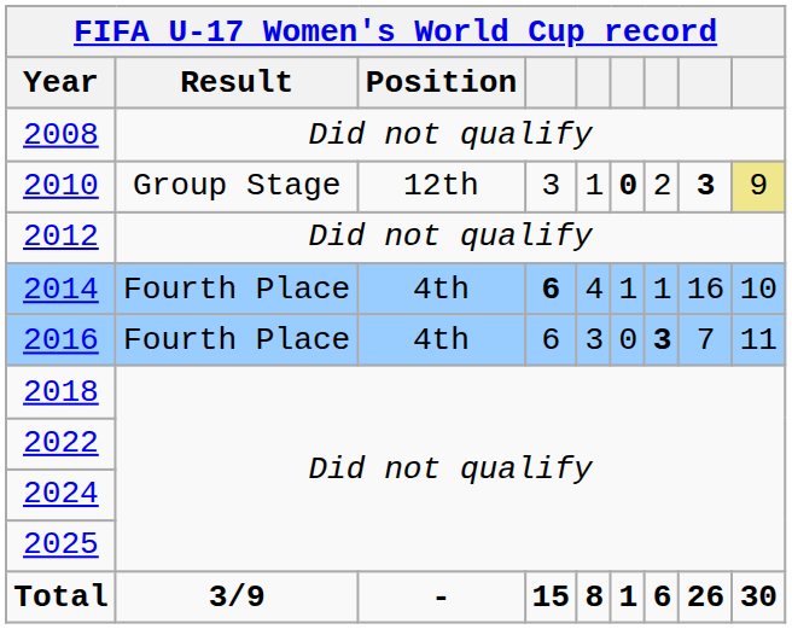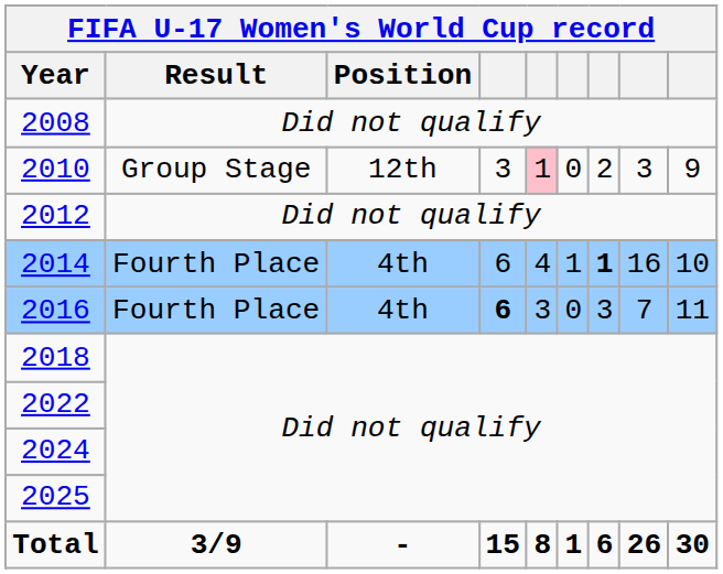 <table class="wikitable" style="text-align: center;">
 <tr>
 <th colspan=9><a href='#'>FIFA U-17 Women's World Cup record</a></th>
 </tr>
 <tr>
 <th>Year</th>
 <th>Result</th>
 <th>Position</th>
 <th></th>
 <th></th>
 <th></th>
 <th></th>
 <th></th>
 <th></th>
 </tr>
 <tr>
 <td> <a href='#'>2008</a></td>
 <td colspan=8><em>Did not qualify</em></td>
 </tr>
 <tr>
 <td> <a href='#'>2010</a></td>
 <td>Group Stage</td>
 <td>12th</td>
 <td>3</td>
-<td>1</td>
-<td><strong>0</strong></td>
+<td style="background: pink;">1</td>
+<td>0</td>
 <td>2</td>
-<td><strong>3</strong></td>
-<td style="background: khaki;">9</td>
+<td>3</td>
+<td>9</td>
 </tr>
 <tr>
 <td> <a href='#'>2012</a></td>
 <td colspan=8><em>Did not qualify</em></td>
 </tr>
 <tr style="background:#9ACDFF">
 <td> <a href='#'>2014</a></td>
 <td>Fourth Place</td>
 <td>4th</td>
-<td><strong>6</strong></td>
+<td>6</td>
 <td>4</td>
 <td>1</td>
-<td>1</td>
+<td><strong>1</strong></td>
 <td>16</td>
 <td>10</td>
 </tr>
 <tr style="background:#9ACDFF">
 <td> <a href='#'>2016</a></td>
 <td>Fourth Place</td>
 <td>4th</td>
-<td>6</td>
+<td><strong>6</strong></td>
 <td>3</td>
 <td>0</td>
-<td><strong>3</strong></td>
+<td>3</td>
 <td>7</td>
 <td>11</td>
 </tr>
 <tr>
 <td> <a href='#'>2018</a></td>
 <td colspan=8 rowspan=4><em>Did not qualify</em></td>
 </tr>
 <tr>
 <td> <a href='#'>2022</a></td>
 </tr>
 <tr>
 <td> <a href='#'>2024</a></td>
 </tr>
 <tr>
 <td> <a href='#'>2025</a></td>
 </tr>
 <tr>
 <td><strong>Total</strong></td>
 <td><strong>3/9</strong></td>
 <td><strong>-</strong></td>
 <td><strong>15</strong></td>
 <td><strong>8</strong></td>
 <td><strong>1</strong></td>
 <td><strong>6</strong></td>
 <td><strong>26</strong></td>
 <td><strong>30</strong></td>
 </tr>
 </table>
